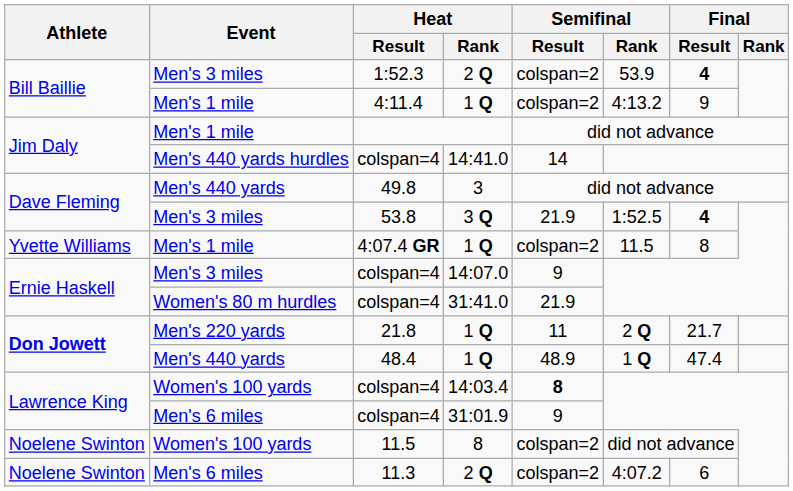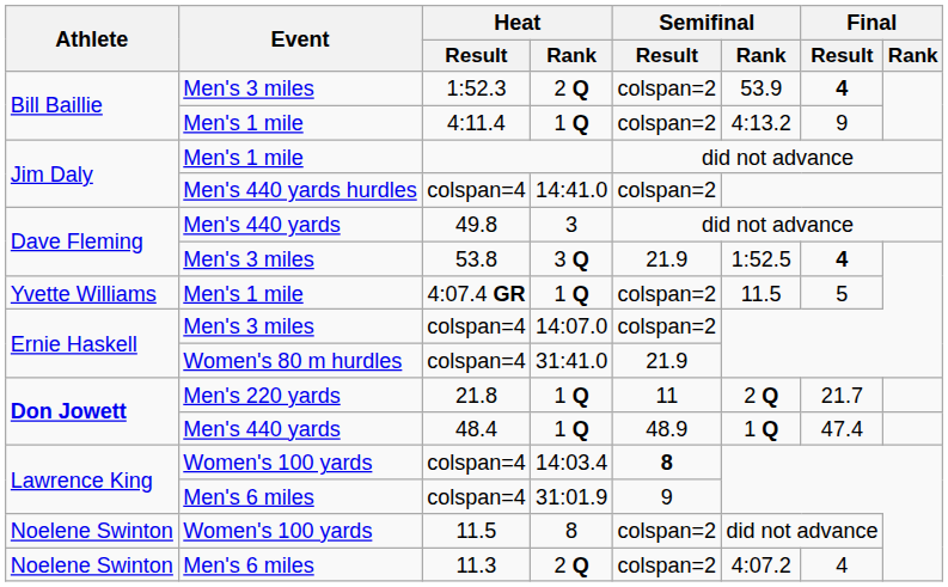 <table class=wikitable style=font-size:90%>
 <tr>
 <th rowspan=2>Athlete</th>
 <th rowspan=2>Event</th>
 <th colspan=2>Heat</th>
 <th colspan=2>Semifinal</th>
 <th colspan=2>Final</th>
 </tr>
 <tr style=font-size:95%>
 <th>Result</th>
 <th>Rank</th>
 <th>Result</th>
 <th>Rank</th>
 <th>Result</th>
 <th>Rank</th>
 </tr>
 <tr align=center>
 <td align=left rowspan=2><a href='#'>Bill Baillie</a></td>
 <td align=left><a href='#'>Men's 3 miles</a></td>
 <td>1:52.3</td>
 <td>2 <strong>Q</strong></td>
 <td>colspan=2 </td>
 <td>53.9</td>
 <td><strong>4</strong></td>
 </tr>
 <tr align=center>
 <td align=left><a href='#'>Men's 1 mile</a></td>
 <td>4:11.4</td>
 <td>1 <strong>Q</strong></td>
 <td>colspan=2 </td>
 <td>4:13.2</td>
 <td>9</td>
 </tr>
 <tr align=center>
 <td align=left rowspan=2><a href='#'>Jim Daly</a></td>
 <td align=left><a href='#'>Men's 1 mile</a></td>
 <td colspan=2></td>
 <td colspan=4>did not advance</td>
 </tr>
 <tr align=center>
 <td align=left><a href='#'>Men's 440 yards hurdles</a></td>
 <td>colspan=4 </td>
 <td>14:41.0</td>
-<td>14</td>
+<td>colspan=2 </td>
 </tr>
 <tr align=center>
 <td align=left rowspan=2><a href='#'>Dave Fleming</a></td>
 <td align=left><a href='#'>Men's 440 yards</a></td>
 <td>49.8</td>
 <td>3</td>
 <td colspan=4>did not advance</td>
 </tr>
 <tr align=center>
 <td align=left><a href='#'>Men's 3 miles</a></td>
 <td>53.8</td>
 <td>3 <strong>Q</strong></td>
 <td>21.9</td>
 <td>1:52.5</td>
 <td><strong>4</strong></td>
 </tr>
 <tr align=center>
 <td align=left><a href='#'>Yvette Williams</a></td>
 <td align=left><a href='#'>Men's 1 mile</a></td>
 <td>4:07.4 <strong>GR</strong></td>
 <td>1 <strong>Q</strong></td>
 <td>colspan=2 </td>
 <td>11.5</td>
-<td>8</td>
+<td>5</td>
 </tr>
 <tr align=center>
 <td align=left rowspan=2><a href='#'>Ernie Haskell</a></td>
 <td align=left><a href='#'>Men's 3 miles</a></td>
 <td>colspan=4 </td>
 <td>14:07.0</td>
-<td>9</td>
+<td>colspan=2 </td>
 </tr>
 <tr align=center>
 <td align=left><a href='#'>Women's 80 m hurdles</a></td>
 <td>colspan=4 </td>
 <td>31:41.0</td>
 <td>21.9</td>
 </tr>
 <tr align=center>
 <td align=left rowspan=2><strong><a href='#'>Don Jowett</a></strong></td>
 <td align=left><a href='#'>Men's 220 yards</a></td>
 <td>21.8</td>
 <td>1 <strong>Q</strong></td>
 <td>11</td>
 <td>2 <strong>Q</strong></td>
 <td>21.7</td>
 <td></td>
 </tr>
 <tr align=center>
 <td align=left><a href='#'>Men's 440 yards</a></td>
 <td>48.4</td>
 <td>1 <strong>Q</strong></td>
 <td>48.9</td>
 <td>1 <strong>Q</strong></td>
 <td>47.4</td>
 <td></td>
 </tr>
 <tr align=center>
 <td align=left rowspan=2><a href='#'>Lawrence King</a></td>
 <td align=left><a href='#'>Women's 100 yards</a></td>
 <td>colspan=4 </td>
 <td>14:03.4</td>
 <td><strong>8</strong></td>
 </tr>
 <tr align=center>
 <td align=left><a href='#'>Men's 6 miles</a></td>
 <td>colspan=4 </td>
 <td>31:01.9</td>
 <td>9</td>
 </tr>
 <tr align=center>
 <td align=left><a href='#'>Noelene Swinton</a></td>
 <td align=left><a href='#'>Women's 100 yards</a></td>
 <td>11.5</td>
 <td>8</td>
 <td>colspan=2 </td>
 <td colspan=2>did not advance</td>
 </tr>
 <tr align=center>
 <td align=left><a href='#'>Noelene Swinton</a></td>
 <td align=left><a href='#'>Men's 6 miles</a></td>
 <td>11.3</td>
 <td>2 <strong>Q</strong></td>
 <td>colspan=2 </td>
 <td>4:07.2</td>
-<td>6</td>
+<td>4</td>
 </tr>
 </table>
